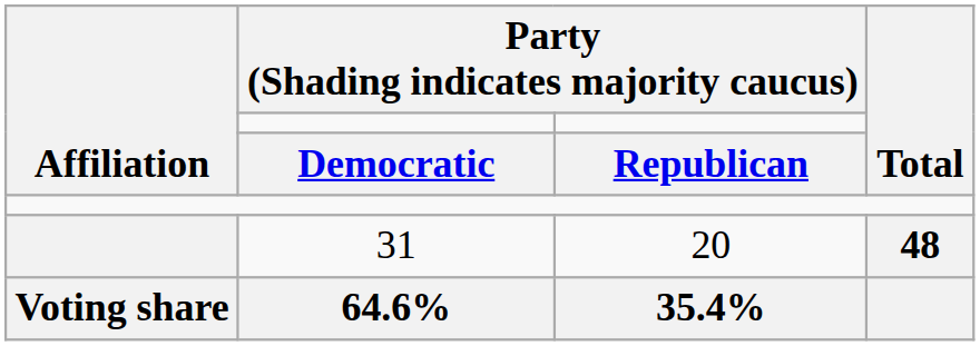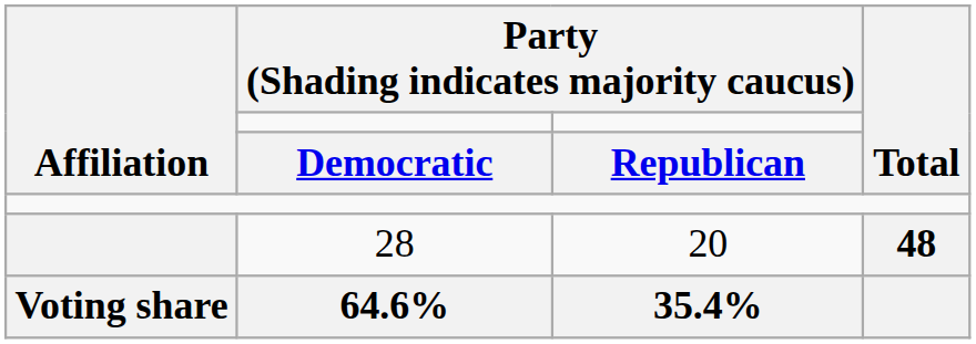 <table class=wikitable style="text-align:center">
 <tr style="vertical-align:bottom;">
 <th rowspan=3>Affiliation</th>
 <th colspan=2>Party <div>(Shading indicates majority caucus)</div></th>
 <th rowspan=3>Total</th>
 </tr>
 <tr style="height:5px">
 <td style="background-color:"></td>
 <td style="background-color:"></td>
 </tr>
 <tr>
 <th><a href='#'>Democratic</a></th>
 <th><a href='#'>Republican</a></th>
 </tr>
 <tr>
 <td colspan=5></td>
 </tr>
 <tr>
 <th nowrap style="font-size:80%"></th>
-<td>31</td>
+<td>28</td>
 <td>20</td>
 <th>48</th>
 </tr>
 <tr>
 <th>Voting share</th>
 <th>64.6%</th>
 <th>35.4%</th>
 <th colspan=2></th>
 </tr>
 </table>
